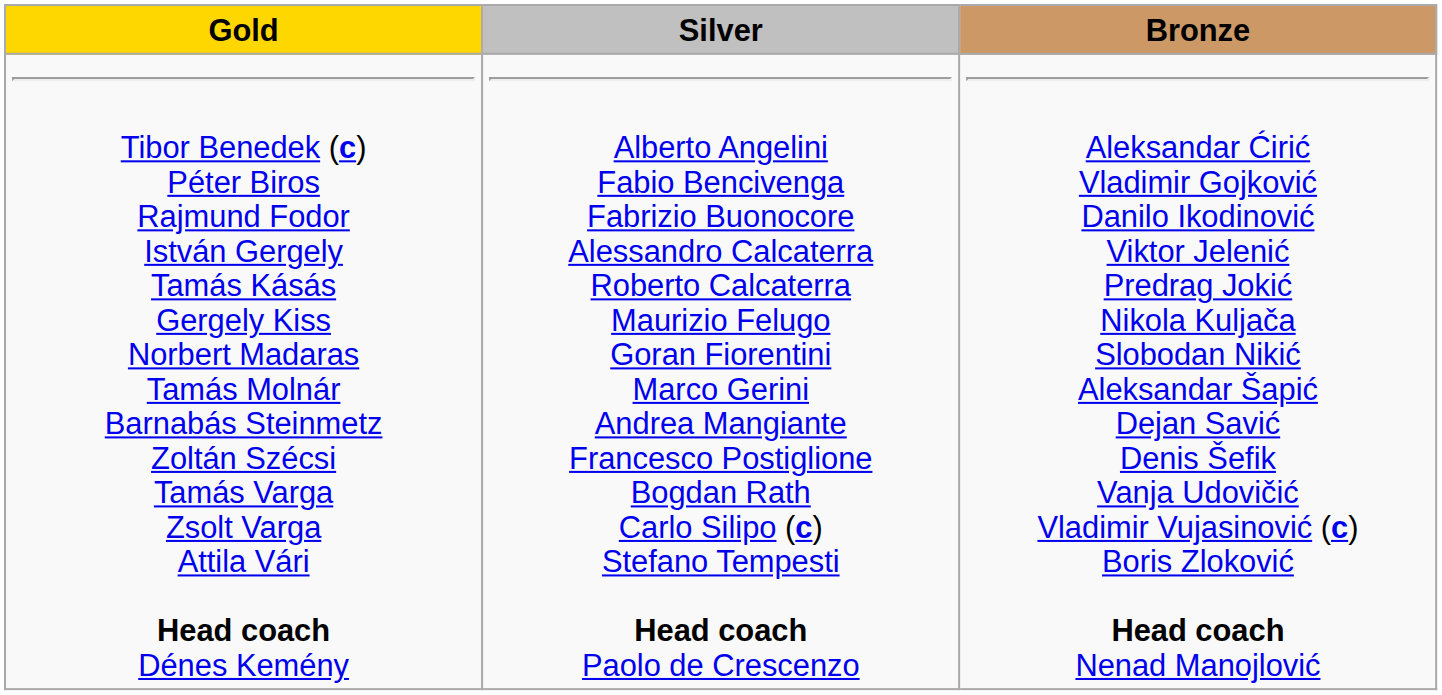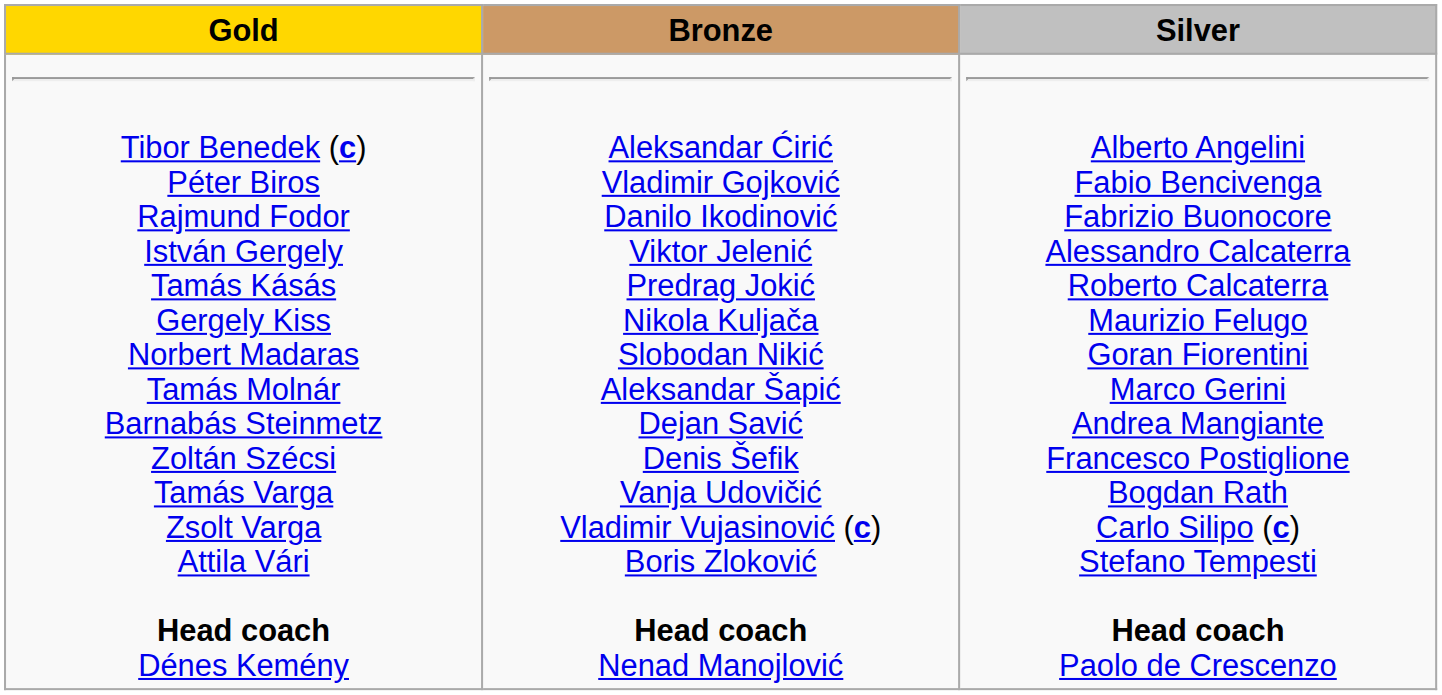 <table class="wikitable" style="font-size:95%;">
 <tr>
 <th style="text-align:center; width:15em; background-color:gold;">Gold</th>
+<th style="text-align:center; width:15em; background-color:#CC9966;">Bronze</th>
 <th style="text-align:center; width:15em; background-color:silver;">Silver</th>
-<th style="text-align:center; width:15em; background-color:#CC9966;">Bronze</th>
 </tr>
 <tr>
 <td style="text-align:center; vertical-align:top;"><strong></strong> <hr><br><a href='#'>Tibor Benedek</a> (<a href='#'><strong>c</strong></a>)<br> <a href='#'>Péter Biros</a><br> <a href='#'>Rajmund Fodor</a><br> <a href='#'>István Gergely</a><br> <a href='#'>Tamás Kásás</a><br> <a href='#'>Gergely Kiss</a><br> <a href='#'>Norbert Madaras</a><br> <a href='#'>Tamás Molnár</a><br> <a href='#'>Barnabás Steinmetz</a><br> <a href='#'>Zoltán Szécsi</a><br> <a href='#'>Tamás Varga</a><br> <a href='#'>Zsolt Varga</a><br> <a href='#'>Attila Vári</a><br><br><strong>Head coach</strong><br><a href='#'>Dénes Kemény</a></td>
+<td style="text-align:center; vertical-align:top;"><strong></strong><hr><br><a href='#'>Aleksandar Ćirić</a><br> <a href='#'>Vladimir Gojković</a><br> <a href='#'>Danilo Ikodinović</a><br> <a href='#'>Viktor Jelenić</a><br> <a href='#'>Predrag Jokić</a><br> <a href='#'>Nikola Kuljača</a><br> <a href='#'>Slobodan Nikić</a><br> <a href='#'>Aleksandar Šapić</a> <br> <a href='#'>Dejan Savić</a><br> <a href='#'>Denis Šefik</a><br> <a href='#'>Vanja Udovičić</a><br> <a href='#'>Vladimir Vujasinović</a> (<a href='#'><strong>c</strong></a>)<br> <a href='#'>Boris Zloković</a><br><br><strong>Head coach</strong> <br><a href='#'>Nenad Manojlović</a></td>
 <td style="text-align:center; vertical-align:top;"><strong></strong><hr><br><a href='#'>Alberto Angelini</a><br> <a href='#'>Fabio Bencivenga</a><br> <a href='#'>Fabrizio Buonocore</a><br> <a href='#'>Alessandro Calcaterra</a><br> <a href='#'>Roberto Calcaterra</a><br> <a href='#'>Maurizio Felugo</a><br> <a href='#'>Goran Fiorentini</a><br> <a href='#'>Marco Gerini</a><br> <a href='#'>Andrea Mangiante</a><br> <a href='#'>Francesco Postiglione</a><br> <a href='#'>Bogdan Rath</a><br> <a href='#'>Carlo Silipo</a> (<a href='#'><strong>c</strong></a>)<br> <a href='#'>Stefano Tempesti</a><br><br><strong>Head coach</strong><br><a href='#'>Paolo de Crescenzo</a></td>
-<td style="text-align:center; vertical-align:top;"><strong></strong><hr><br><a href='#'>Aleksandar Ćirić</a><br> <a href='#'>Vladimir Gojković</a><br> <a href='#'>Danilo Ikodinović</a><br> <a href='#'>Viktor Jelenić</a><br> <a href='#'>Predrag Jokić</a><br> <a href='#'>Nikola Kuljača</a><br> <a href='#'>Slobodan Nikić</a><br> <a href='#'>Aleksandar Šapić</a> <br> <a href='#'>Dejan Savić</a><br> <a href='#'>Denis Šefik</a><br> <a href='#'>Vanja Udovičić</a><br> <a href='#'>Vladimir Vujasinović</a> (<a href='#'><strong>c</strong></a>)<br> <a href='#'>Boris Zloković</a><br><br><strong>Head coach</strong> <br><a href='#'>Nenad Manojlović</a></td>
 </tr>
 </table>
